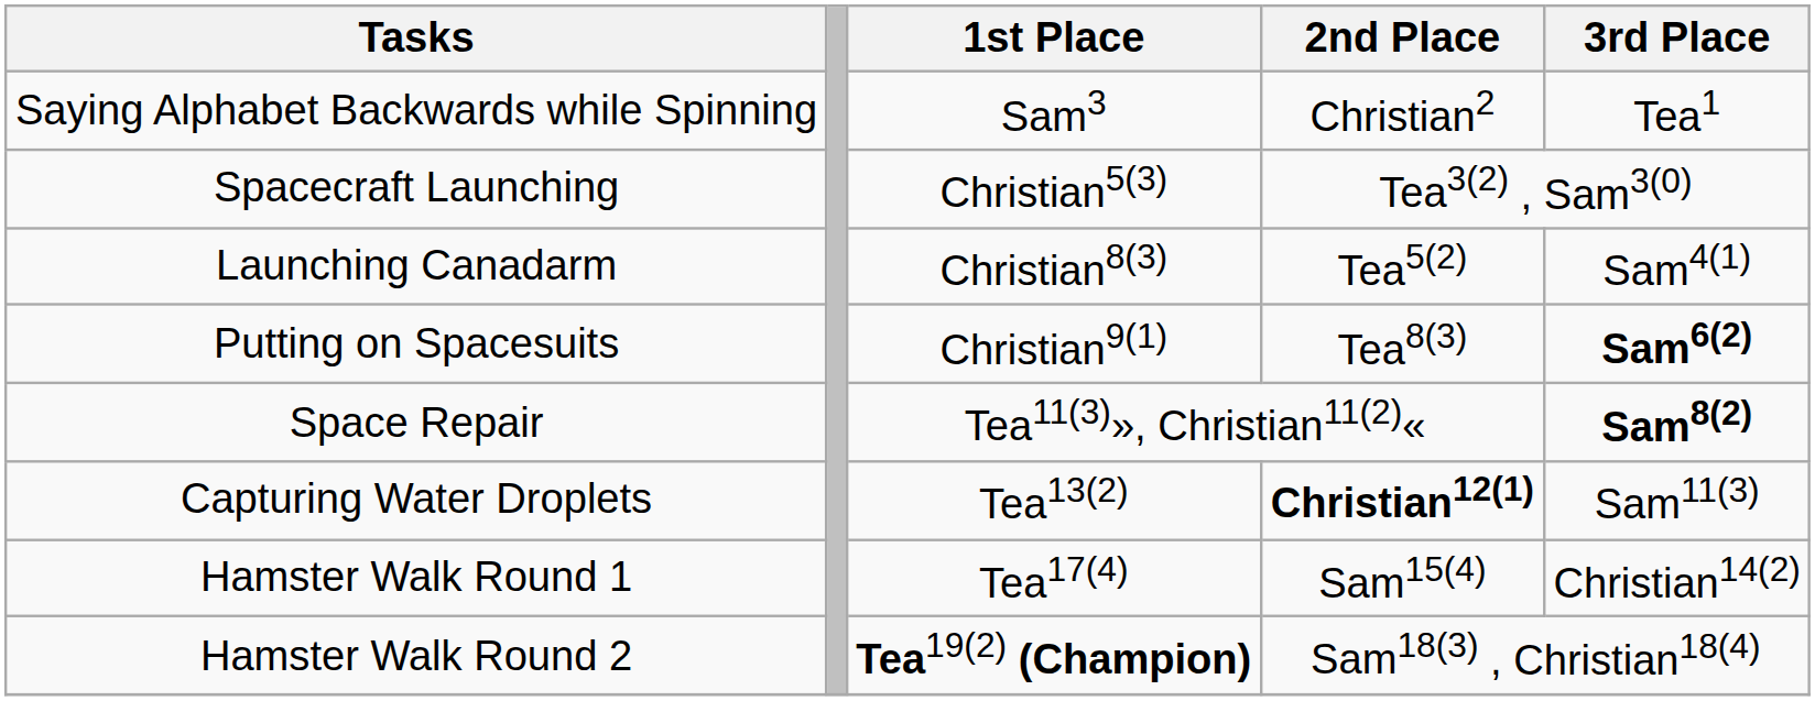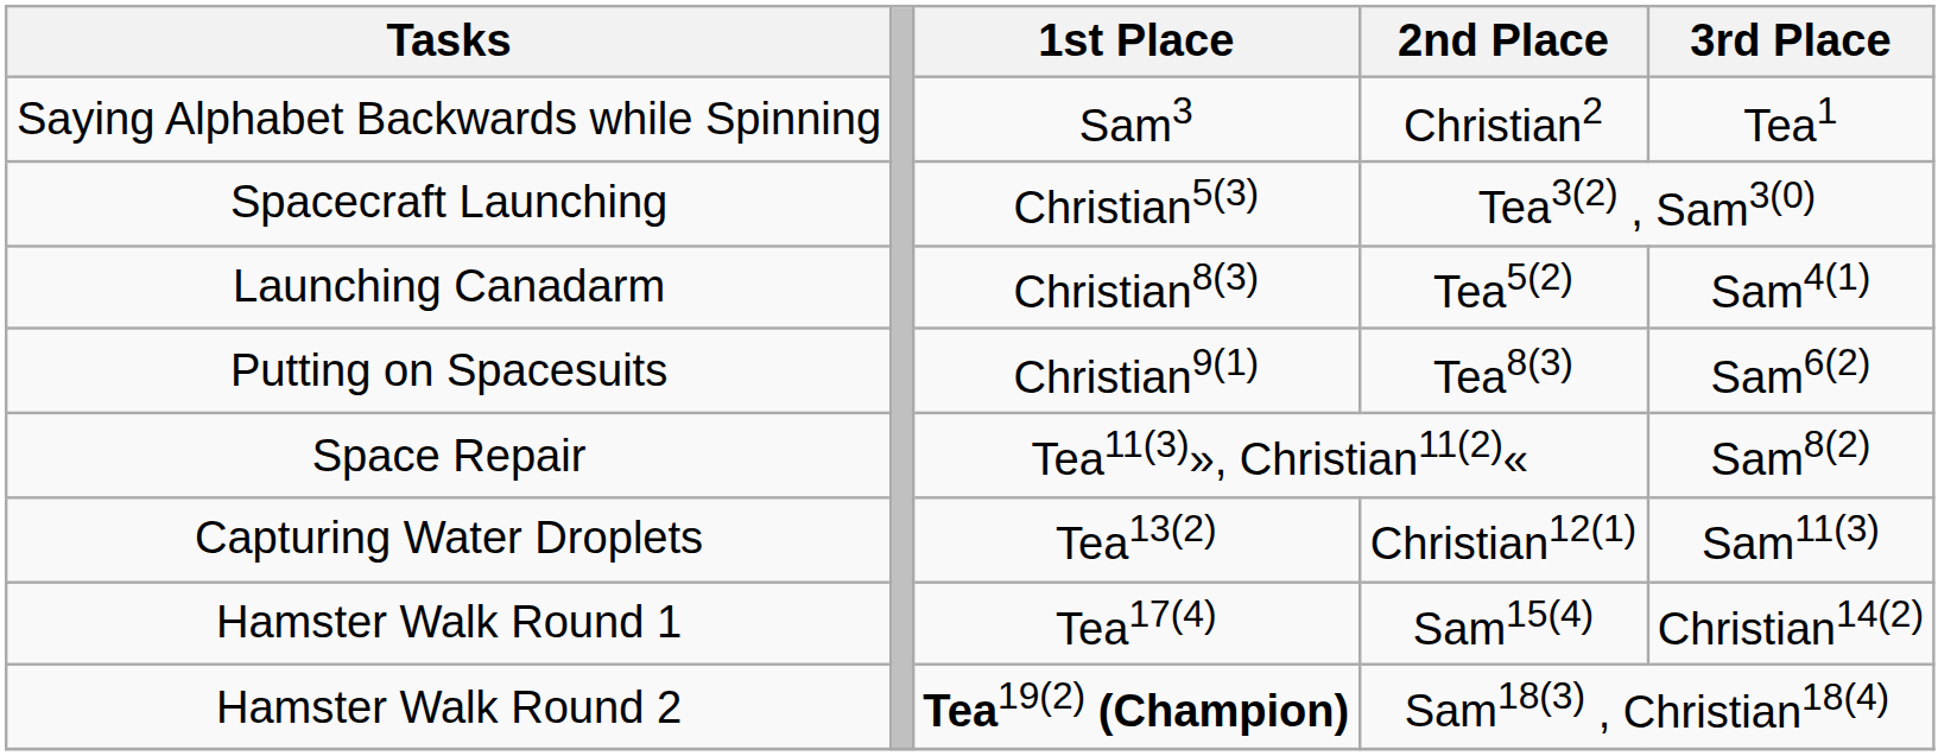 <table class="wikitable" align="center" style="text-align:center">
 <tr>
 <th>Tasks</th>
 <th style="background:#C0C0C0;" rowspan="9"></th>
 <th>1st Place</th>
 <th>2nd Place</th>
 <th>3rd Place</th>
 </tr>
 <tr>
 <td>Saying Alphabet Backwards while Spinning</td>
 <td>Sam<sup>3</sup></td>
 <td>Christian<sup>2</sup></td>
 <td>Tea<sup>1</sup></td>
 </tr>
 <tr>
 <td>Spacecraft Launching</td>
 <td>Christian<sup>5(3)</sup></td>
 <td colspan=2>Tea<sup>3(2)</sup> <span>, Sam<sup>3(0)</sup></span></td>
 </tr>
 <tr>
 <td>Launching Canadarm</td>
 <td>Christian<sup>8(3)</sup></td>
 <td>Tea<sup>5(2)</sup></td>
 <td>Sam<sup>4(1)</sup></td>
 </tr>
 <tr>
 <td>Putting on Spacesuits</td>
 <td>Christian<sup>9(1)</sup></td>
 <td>Tea<sup>8(3)</sup></td>
-<td><strong>Sam<sup>6(2)</sup></strong></td>
+<td>Sam<sup>6(2)</sup></td>
 </tr>
 <tr>
 <td>Space Repair</td>
 <td colspan="2">Tea<sup>11(3)</sup><span>»</span>, Christian<sup>11(2)</sup><span>«</span></td>
-<td><strong>Sam<sup>8(2)</sup></strong></td>
+<td>Sam<sup>8(2)</sup></td>
 </tr>
 <tr>
 <td>Capturing Water Droplets</td>
 <td>Tea<sup>13(2)</sup></td>
-<td><strong>Christian<sup>12(1)</sup></strong></td>
+<td>Christian<sup>12(1)</sup></td>
 <td>Sam<sup>11(3)</sup></td>
 </tr>
 <tr>
 <td>Hamster Walk Round 1</td>
 <td>Tea<sup>17(4)</sup></td>
 <td>Sam<sup>15(4)</sup></td>
 <td>Christian<sup>14(2)</sup></td>
 </tr>
 <tr>
 <td>Hamster Walk Round 2</td>
 <td><strong>Tea</strong><sup>19(2)</sup> <strong>(Champion)</strong></td>
 <td colspan=2>Sam<sup>18(3)</sup> <span>, Christian<sup>18(4)</sup></span></td>
 </tr>
 <tr>
 </tr>
 </table>
